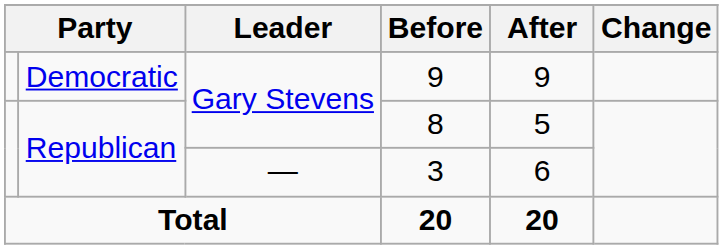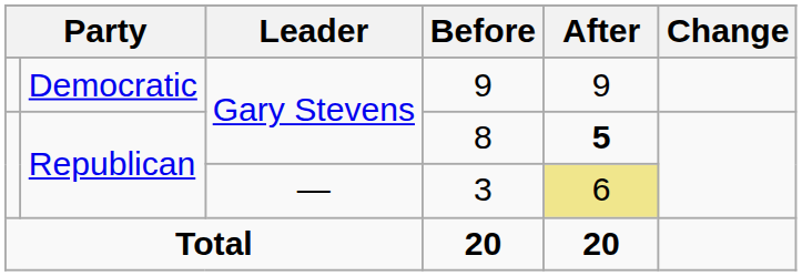 <table class="wikitable" style="text-align:center;">
 <tr>
 </tr>
 <tr>
 <th colspan="2">Party</th>
 <th>Leader</th>
 <th style="width:3em">Before</th>
 <th style="width:3em">After</th>
 <th style="width:3em">Change</th>
 </tr>
 <tr>
 <td style="background-color:"></td>
 <td style="text-align:left;"><a href='#'>Democratic</a></td>
 <td rowspan="2"><a href='#'>Gary Stevens</a></td>
 <td>9</td>
 <td>9</td>
 <td></td>
 </tr>
 <tr>
 <td rowspan="2" style="background-color:"></td>
 <td rowspan="2" style="text-align:left;"><a href='#'>Republican</a></td>
 <td>8</td>
-<td>5</td>
+<td><strong>5</strong></td>
 <td rowspan="2"></td>
 </tr>
 <tr>
 <td>—</td>
 <td>3</td>
-<td>6</td>
+<td style="background: khaki;">6</td>
 </tr>
 <tr>
 <td colspan="3"><strong>Total</strong></td>
 <td><strong>20</strong></td>
 <td><strong>20</strong></td>
 <td></td>
 </tr>
 </table>
